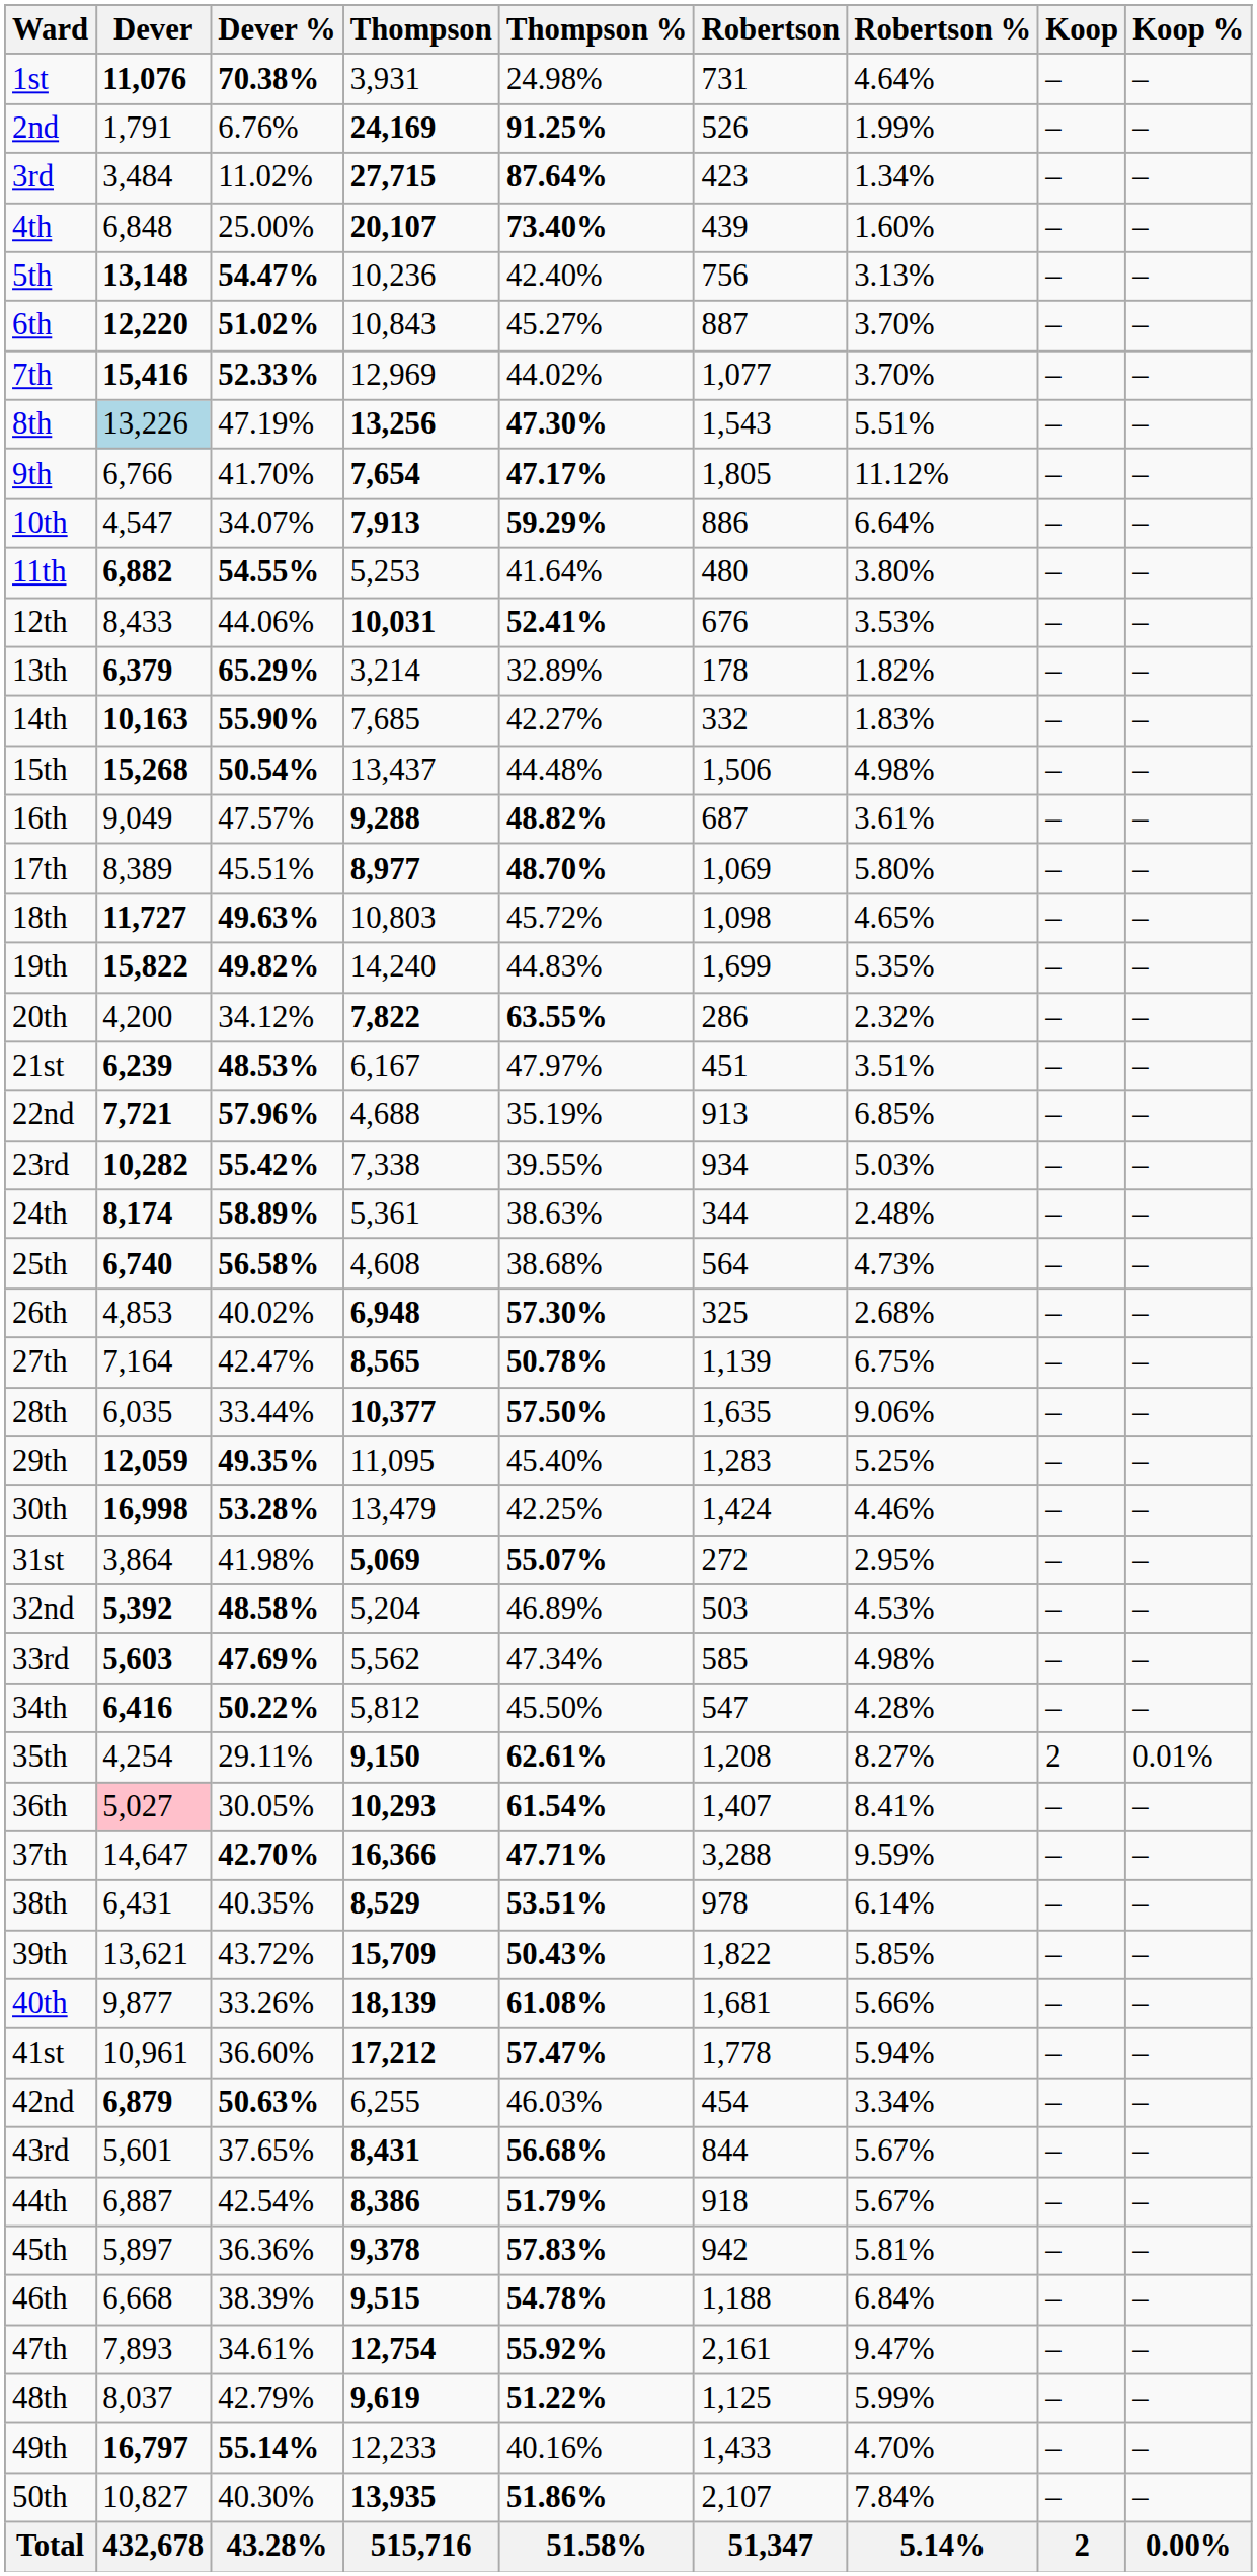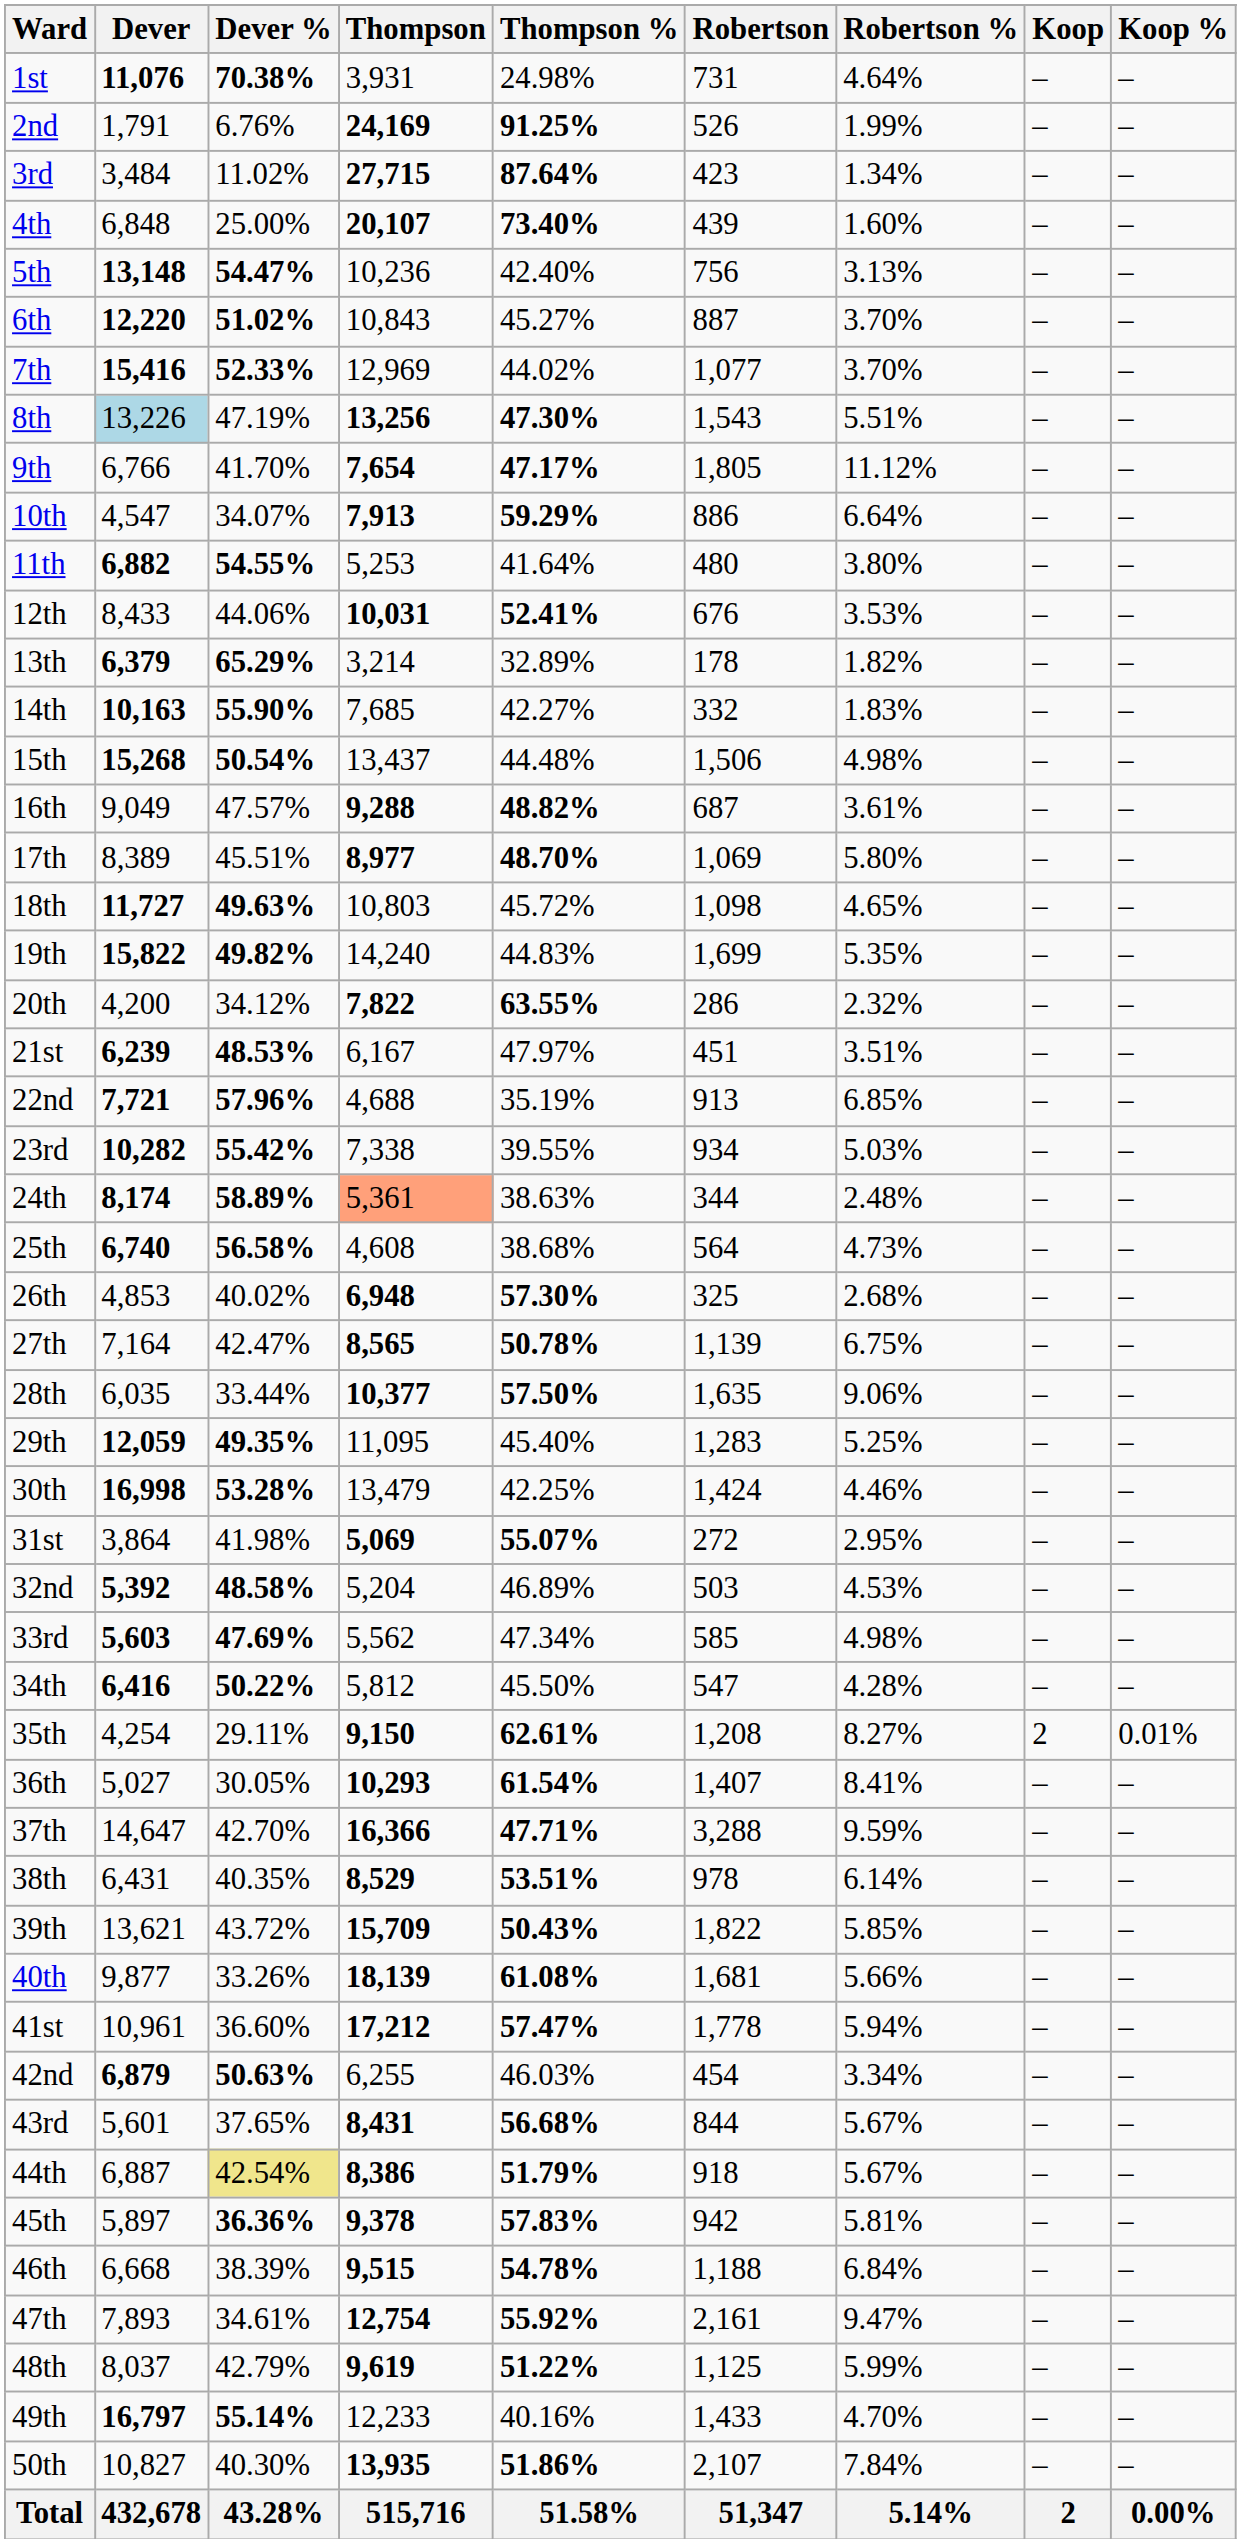 <table class = "wikitable sortable mw-collapsible mw-collapsed">
 <tr>
 </tr>
 <tr>
 <th>Ward</th>
 <th>Dever</th>
 <th>Dever %</th>
 <th>Thompson</th>
 <th>Thompson %</th>
 <th>Robertson</th>
 <th>Robertson %</th>
 <th>Koop</th>
 <th>Koop %</th>
 </tr>
 <tr>
 <td><a href='#'>1st</a></td>
 <td><strong>11,076</strong></td>
 <td><strong>70.38%</strong></td>
 <td>3,931</td>
 <td>24.98%</td>
 <td>731</td>
 <td>4.64%</td>
 <td>–</td>
 <td>–</td>
 </tr>
 <tr>
 <td><a href='#'>2nd</a></td>
 <td>1,791</td>
 <td>6.76%</td>
 <td><strong>24,169</strong></td>
 <td><strong>91.25%</strong></td>
 <td>526</td>
 <td>1.99%</td>
 <td>–</td>
 <td>–</td>
 </tr>
 <tr>
 <td><a href='#'>3rd</a></td>
 <td>3,484</td>
 <td>11.02%</td>
 <td><strong>27,715</strong></td>
 <td><strong>87.64%</strong></td>
 <td>423</td>
 <td>1.34%</td>
 <td>–</td>
 <td>–</td>
 </tr>
 <tr>
 <td><a href='#'>4th</a></td>
 <td>6,848</td>
 <td>25.00%</td>
 <td><strong>20,107</strong></td>
 <td><strong>73.40%</strong></td>
 <td>439</td>
 <td>1.60%</td>
 <td>–</td>
 <td>–</td>
 </tr>
 <tr>
 <td><a href='#'>5th</a></td>
 <td><strong>13,148</strong></td>
 <td><strong>54.47%</strong></td>
 <td>10,236</td>
 <td>42.40%</td>
 <td>756</td>
 <td>3.13%</td>
 <td>–</td>
 <td>–</td>
 </tr>
 <tr>
 <td><a href='#'>6th</a></td>
 <td><strong>12,220</strong></td>
 <td><strong>51.02%</strong></td>
 <td>10,843</td>
 <td>45.27%</td>
 <td>887</td>
 <td>3.70%</td>
 <td>–</td>
 <td>–</td>
 </tr>
 <tr>
 <td><a href='#'>7th</a></td>
 <td><strong>15,416</strong></td>
 <td><strong>52.33%</strong></td>
 <td>12,969</td>
 <td>44.02%</td>
 <td>1,077</td>
 <td>3.70%</td>
 <td>–</td>
 <td>–</td>
 </tr>
 <tr>
 <td><a href='#'>8th</a></td>
 <td style="background: lightblue;">13,226</td>
 <td>47.19%</td>
 <td><strong>13,256</strong></td>
 <td><strong>47.30%</strong></td>
 <td>1,543</td>
 <td>5.51%</td>
 <td>–</td>
 <td>–</td>
 </tr>
 <tr>
 <td><a href='#'>9th</a></td>
 <td>6,766</td>
 <td>41.70%</td>
 <td><strong>7,654</strong></td>
 <td><strong>47.17%</strong></td>
 <td>1,805</td>
 <td>11.12%</td>
 <td>–</td>
 <td>–</td>
 </tr>
 <tr>
 <td><a href='#'>10th</a></td>
 <td>4,547</td>
 <td>34.07%</td>
 <td><strong>7,913</strong></td>
 <td><strong>59.29%</strong></td>
 <td>886</td>
 <td>6.64%</td>
 <td>–</td>
 <td>–</td>
 </tr>
 <tr>
 <td><a href='#'>11th</a></td>
 <td><strong>6,882</strong></td>
 <td><strong>54.55%</strong></td>
 <td>5,253</td>
 <td>41.64%</td>
 <td>480</td>
 <td>3.80%</td>
 <td>–</td>
 <td>–</td>
 </tr>
 <tr>
 <td>12th</td>
 <td>8,433</td>
 <td>44.06%</td>
 <td><strong>10,031</strong></td>
 <td><strong>52.41%</strong></td>
 <td>676</td>
 <td>3.53%</td>
 <td>–</td>
 <td>–</td>
 </tr>
 <tr>
 <td>13th</td>
 <td><strong>6,379</strong></td>
 <td><strong>65.29%</strong></td>
 <td>3,214</td>
 <td>32.89%</td>
 <td>178</td>
 <td>1.82%</td>
 <td>–</td>
 <td>–</td>
 </tr>
 <tr>
 <td>14th</td>
 <td><strong>10,163</strong></td>
 <td><strong>55.90%</strong></td>
 <td>7,685</td>
 <td>42.27%</td>
 <td>332</td>
 <td>1.83%</td>
 <td>–</td>
 <td>–</td>
 </tr>
 <tr>
 <td>15th</td>
 <td><strong>15,268</strong></td>
 <td><strong>50.54%</strong></td>
 <td>13,437</td>
 <td>44.48%</td>
 <td>1,506</td>
 <td>4.98%</td>
 <td>–</td>
 <td>–</td>
 </tr>
 <tr>
 <td>16th</td>
 <td>9,049</td>
 <td>47.57%</td>
 <td><strong>9,288</strong></td>
 <td><strong>48.82%</strong></td>
 <td>687</td>
 <td>3.61%</td>
 <td>–</td>
 <td>–</td>
 </tr>
 <tr>
 <td>17th</td>
 <td>8,389</td>
 <td>45.51%</td>
 <td><strong>8,977</strong></td>
 <td><strong>48.70%</strong></td>
 <td>1,069</td>
 <td>5.80%</td>
 <td>–</td>
 <td>–</td>
 </tr>
 <tr>
 <td>18th</td>
 <td><strong>11,727</strong></td>
 <td><strong>49.63%</strong></td>
 <td>10,803</td>
 <td>45.72%</td>
 <td>1,098</td>
 <td>4.65%</td>
 <td>–</td>
 <td>–</td>
 </tr>
 <tr>
 <td>19th</td>
 <td><strong>15,822</strong></td>
 <td><strong>49.82%</strong></td>
 <td>14,240</td>
 <td>44.83%</td>
 <td>1,699</td>
 <td>5.35%</td>
 <td>–</td>
 <td>–</td>
 </tr>
 <tr>
 <td>20th</td>
 <td>4,200</td>
 <td>34.12%</td>
 <td><strong>7,822</strong></td>
 <td><strong>63.55%</strong></td>
 <td>286</td>
 <td>2.32%</td>
 <td>–</td>
 <td>–</td>
 </tr>
 <tr>
 <td>21st</td>
 <td><strong>6,239</strong></td>
 <td><strong>48.53%</strong></td>
 <td>6,167</td>
 <td>47.97%</td>
 <td>451</td>
 <td>3.51%</td>
 <td>–</td>
 <td>–</td>
 </tr>
 <tr>
 <td>22nd</td>
 <td><strong>7,721</strong></td>
 <td><strong>57.96%</strong></td>
 <td>4,688</td>
 <td>35.19%</td>
 <td>913</td>
 <td>6.85%</td>
 <td>–</td>
 <td>–</td>
 </tr>
 <tr>
 <td>23rd</td>
 <td><strong>10,282</strong></td>
 <td><strong>55.42%</strong></td>
 <td>7,338</td>
 <td>39.55%</td>
 <td>934</td>
 <td>5.03%</td>
 <td>–</td>
 <td>–</td>
 </tr>
 <tr>
 <td>24th</td>
 <td><strong>8,174</strong></td>
 <td><strong>58.89%</strong></td>
-<td>5,361</td>
+<td style="background: lightsalmon;">5,361</td>
 <td>38.63%</td>
 <td>344</td>
 <td>2.48%</td>
 <td>–</td>
 <td>–</td>
 </tr>
 <tr>
 <td>25th</td>
 <td><strong>6,740</strong></td>
 <td><strong>56.58%</strong></td>
 <td>4,608</td>
 <td>38.68%</td>
 <td>564</td>
 <td>4.73%</td>
 <td>–</td>
 <td>–</td>
 </tr>
 <tr>
 <td>26th</td>
 <td>4,853</td>
 <td>40.02%</td>
 <td><strong>6,948</strong></td>
 <td><strong>57.30%</strong></td>
 <td>325</td>
 <td>2.68%</td>
 <td>–</td>
 <td>–</td>
 </tr>
 <tr>
 <td>27th</td>
 <td>7,164</td>
 <td>42.47%</td>
 <td><strong>8,565</strong></td>
 <td><strong>50.78%</strong></td>
 <td>1,139</td>
 <td>6.75%</td>
 <td>–</td>
 <td>–</td>
 </tr>
 <tr>
 <td>28th</td>
 <td>6,035</td>
 <td>33.44%</td>
 <td><strong>10,377</strong></td>
 <td><strong>57.50%</strong></td>
 <td>1,635</td>
 <td>9.06%</td>
 <td>–</td>
 <td>–</td>
 </tr>
 <tr>
 <td>29th</td>
 <td><strong>12,059</strong></td>
 <td><strong>49.35%</strong></td>
 <td>11,095</td>
 <td>45.40%</td>
 <td>1,283</td>
 <td>5.25%</td>
 <td>–</td>
 <td>–</td>
 </tr>
 <tr>
 <td>30th</td>
 <td><strong>16,998</strong></td>
 <td><strong>53.28%</strong></td>
 <td>13,479</td>
 <td>42.25%</td>
 <td>1,424</td>
 <td>4.46%</td>
 <td>–</td>
 <td>–</td>
 </tr>
 <tr>
 <td>31st</td>
 <td>3,864</td>
 <td>41.98%</td>
 <td><strong>5,069</strong></td>
 <td><strong>55.07%</strong></td>
 <td>272</td>
 <td>2.95%</td>
 <td>–</td>
 <td>–</td>
 </tr>
 <tr>
 <td>32nd</td>
 <td><strong>5,392</strong></td>
 <td><strong>48.58%</strong></td>
 <td>5,204</td>
 <td>46.89%</td>
 <td>503</td>
 <td>4.53%</td>
 <td>–</td>
 <td>–</td>
 </tr>
 <tr>
 <td>33rd</td>
 <td><strong>5,603</strong></td>
 <td><strong>47.69%</strong></td>
 <td>5,562</td>
 <td>47.34%</td>
 <td>585</td>
 <td>4.98%</td>
 <td>–</td>
 <td>–</td>
 </tr>
 <tr>
 <td>34th</td>
 <td><strong>6,416</strong></td>
 <td><strong>50.22%</strong></td>
 <td>5,812</td>
 <td>45.50%</td>
 <td>547</td>
 <td>4.28%</td>
 <td>–</td>
 <td>–</td>
 </tr>
 <tr>
 <td>35th</td>
 <td>4,254</td>
 <td>29.11%</td>
 <td><strong>9,150</strong></td>
 <td><strong>62.61%</strong></td>
 <td>1,208</td>
 <td>8.27%</td>
 <td>2</td>
 <td>0.01%</td>
 </tr>
 <tr>
 <td>36th</td>
-<td style="background: pink;">5,027</td>
+<td>5,027</td>
 <td>30.05%</td>
 <td><strong>10,293</strong></td>
 <td><strong>61.54%</strong></td>
 <td>1,407</td>
 <td>8.41%</td>
 <td>–</td>
 <td>–</td>
 </tr>
 <tr>
 <td>37th</td>
 <td>14,647</td>
-<td><strong>42.70%</strong></td>
+<td>42.70%</td>
 <td><strong>16,366</strong></td>
 <td><strong>47.71%</strong></td>
 <td>3,288</td>
 <td>9.59%</td>
 <td>–</td>
 <td>–</td>
 </tr>
 <tr>
 <td>38th</td>
 <td>6,431</td>
 <td>40.35%</td>
 <td><strong>8,529</strong></td>
 <td><strong>53.51%</strong></td>
 <td>978</td>
 <td>6.14%</td>
 <td>–</td>
 <td>–</td>
 </tr>
 <tr>
 <td>39th</td>
 <td>13,621</td>
 <td>43.72%</td>
 <td><strong>15,709</strong></td>
 <td><strong>50.43%</strong></td>
 <td>1,822</td>
 <td>5.85%</td>
 <td>–</td>
 <td>–</td>
 </tr>
 <tr>
 <td><a href='#'>40th</a></td>
 <td>9,877</td>
 <td>33.26%</td>
 <td><strong>18,139</strong></td>
 <td><strong>61.08%</strong></td>
 <td>1,681</td>
 <td>5.66%</td>
 <td>–</td>
 <td>–</td>
 </tr>
 <tr>
 <td>41st</td>
 <td>10,961</td>
 <td>36.60%</td>
 <td><strong>17,212</strong></td>
 <td><strong>57.47%</strong></td>
 <td>1,778</td>
 <td>5.94%</td>
 <td>–</td>
 <td>–</td>
 </tr>
 <tr>
 <td>42nd</td>
 <td><strong>6,879</strong></td>
 <td><strong>50.63%</strong></td>
 <td>6,255</td>
 <td>46.03%</td>
 <td>454</td>
 <td>3.34%</td>
 <td>–</td>
 <td>–</td>
 </tr>
 <tr>
 <td>43rd</td>
 <td>5,601</td>
 <td>37.65%</td>
 <td><strong>8,431</strong></td>
 <td><strong>56.68%</strong></td>
 <td>844</td>
 <td>5.67%</td>
 <td>–</td>
 <td>–</td>
 </tr>
 <tr>
 <td>44th</td>
 <td>6,887</td>
-<td>42.54%</td>
+<td style="background: khaki;">42.54%</td>
 <td><strong>8,386</strong></td>
 <td><strong>51.79%</strong></td>
 <td>918</td>
 <td>5.67%</td>
 <td>–</td>
 <td>–</td>
 </tr>
 <tr>
 <td>45th</td>
 <td>5,897</td>
-<td>36.36%</td>
+<td><strong>36.36%</strong></td>
 <td><strong>9,378</strong></td>
 <td><strong>57.83%</strong></td>
 <td>942</td>
 <td>5.81%</td>
 <td>–</td>
 <td>–</td>
 </tr>
 <tr>
 <td>46th</td>
 <td>6,668</td>
 <td>38.39%</td>
 <td><strong>9,515</strong></td>
 <td><strong>54.78%</strong></td>
 <td>1,188</td>
 <td>6.84%</td>
 <td>–</td>
 <td>–</td>
 </tr>
 <tr>
 <td>47th</td>
 <td>7,893</td>
 <td>34.61%</td>
 <td><strong>12,754</strong></td>
 <td><strong>55.92%</strong></td>
 <td>2,161</td>
 <td>9.47%</td>
 <td>–</td>
 <td>–</td>
 </tr>
 <tr>
 <td>48th</td>
 <td>8,037</td>
 <td>42.79%</td>
 <td><strong>9,619</strong></td>
 <td><strong>51.22%</strong></td>
 <td>1,125</td>
 <td>5.99%</td>
 <td>–</td>
 <td>–</td>
 </tr>
 <tr>
 <td>49th</td>
 <td><strong>16,797</strong></td>
 <td><strong>55.14%</strong></td>
 <td>12,233</td>
 <td>40.16%</td>
 <td>1,433</td>
 <td>4.70%</td>
 <td>–</td>
 <td>–</td>
 </tr>
 <tr>
 <td>50th</td>
 <td>10,827</td>
 <td>40.30%</td>
 <td><strong>13,935</strong></td>
 <td><strong>51.86%</strong></td>
 <td>2,107</td>
 <td>7.84%</td>
 <td>–</td>
 <td>–</td>
 </tr>
 <tr>
 <th>Total</th>
 <th>432,678</th>
 <th>43.28%</th>
 <th>515,716</th>
 <th>51.58%</th>
 <th>51,347</th>
 <th>5.14%</th>
 <th>2</th>
 <th>0.00%</th>
 </tr>
 </table>
